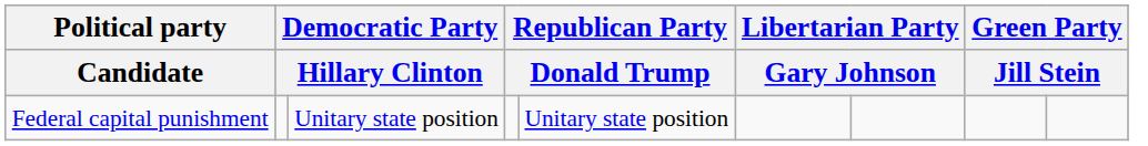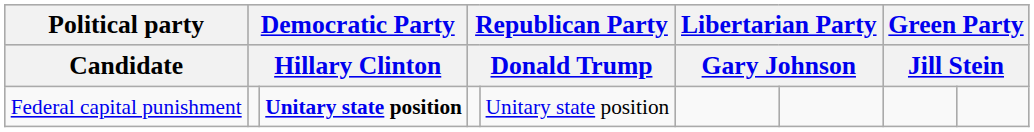 <table class="wikitable sortable">
 <tr>
 <th>Political party</th>
 <th colspan="2" style="text-align:center;"><a href='#'>Democratic Party</a></th>
 <th colspan="2" style="text-align:center;"><a href='#'>Republican Party</a></th>
 <th colspan="2" style="text-align:center;"><a href='#'>Libertarian Party</a></th>
 <th colspan="2" style="text-align:center;"><a href='#'>Green Party</a></th>
 </tr>
 <tr>
 <th>Candidate</th>
 <th colspan="2" style="text-align:center;"><a href='#'>Hillary Clinton</a></th>
 <th colspan="2" style="text-align:center;"><a href='#'>Donald Trump</a></th>
 <th colspan="2" style="text-align:center;"><a href='#'>Gary Johnson</a></th>
 <th colspan="2" style="text-align:center;"><a href='#'>Jill Stein</a></th>
 </tr>
 <tr>
 <td><small><a href='#'>Federal capital punishment</a></small></td>
 <td></td>
-<td><small><a href='#'>Unitary state</a> position</small></td>
+<td><strong><small><a href='#'>Unitary state</a> position</small></strong></td>
 <td></td>
 <td><small><a href='#'>Unitary state</a> position</small></td>
 <td></td>
 <td></td>
 <td></td>
 <td></td>
 </tr>
 </table>
